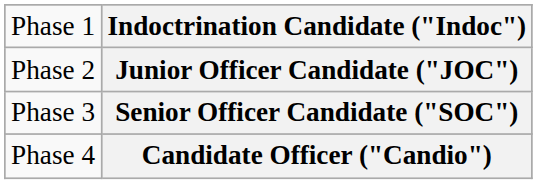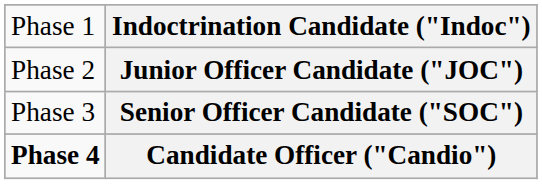 <table class="wikitable">
 <tr>
 <td>Phase 1</td>
 <th>Indoctrination Candidate ("Indoc")</th>
 </tr>
 <tr>
 <td>Phase 2</td>
 <th>Junior Officer Candidate ("JOC")</th>
 </tr>
 <tr>
 <td>Phase 3</td>
 <th>Senior Officer Candidate ("SOC")</th>
 </tr>
 <tr>
-<td>Phase 4</td>
+<td><strong>Phase 4</strong></td>
 <th>Candidate Officer ("Candio")</th>
 </tr>
 </table>
